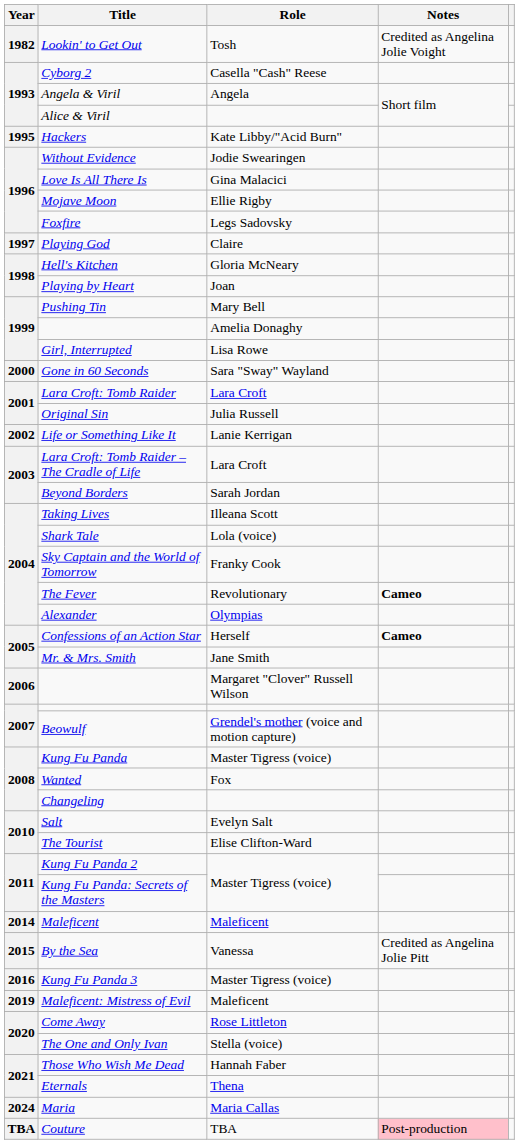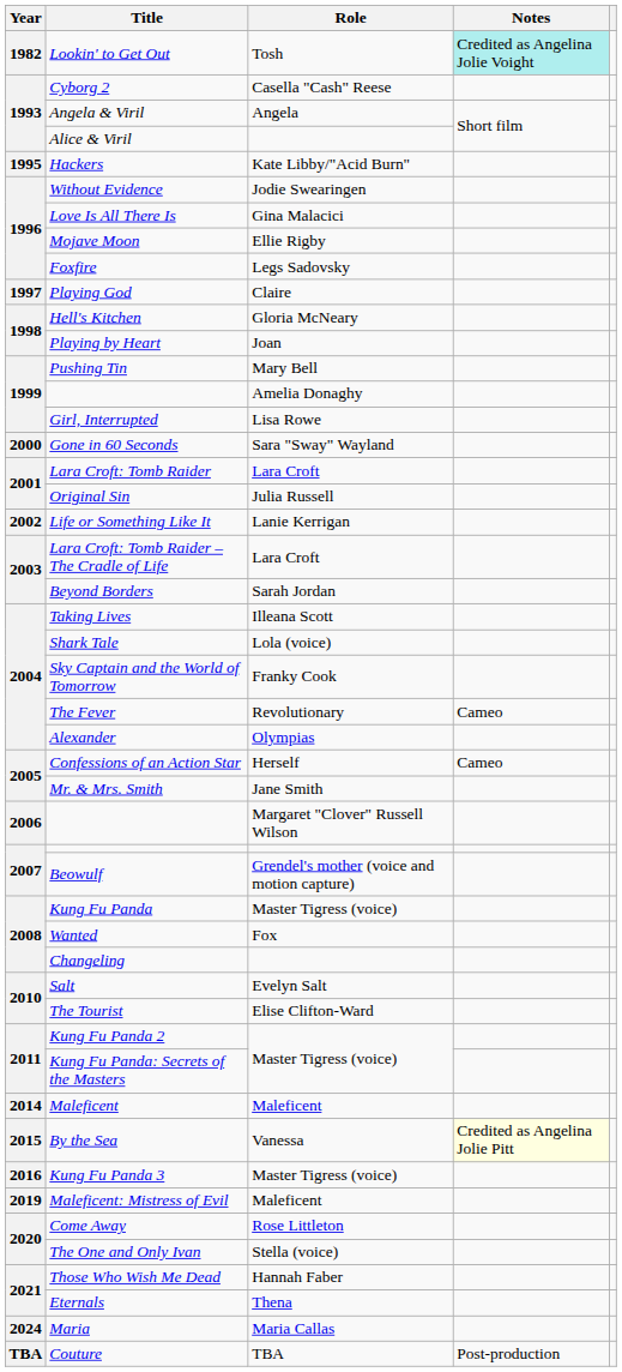 <table class="wikitable sortable plainrowheaders">
 <tr>
 <th scope="col">Year</th>
 <th scope="col">Title</th>
 <th scope="col">Role</th>
 <th scope="col" class="unsortable">Notes</th>
 <th scope="col" class="unsortable"></th>
 </tr>
 <tr>
 <th scope="row">1982</th>
 <td><em><a href='#'>Lookin' to Get Out</a></em></td>
 <td>Tosh</td>
-<td>Credited as Angelina Jolie Voight</td>
+<td style="background: paleturquoise;">Credited as Angelina Jolie Voight</td>
 <td style="text-align:center;"></td>
 </tr>
 <tr>
 <th scope="row" rowspan=3>1993</th>
 <td><em><a href='#'>Cyborg 2</a></em></td>
 <td>Casella "Cash" Reese</td>
 <td></td>
 <td style="text-align:center;"></td>
 </tr>
 <tr>
 <td><em>Angela & Viril</em></td>
 <td>Angela</td>
 <td rowspan=2>Short film</td>
 <td style="text-align:center;"></td>
 </tr>
 <tr>
 <td><em>Alice & Viril</em></td>
 <td></td>
 <td style="text-align:center;"></td>
 </tr>
 <tr>
 <th scope="row">1995</th>
 <td><em><a href='#'>Hackers</a></em></td>
 <td>Kate Libby/"Acid Burn"</td>
 <td></td>
 <td style="text-align:center;"></td>
 </tr>
 <tr>
 <th scope="row" rowspan=4>1996</th>
 <td><em><a href='#'>Without Evidence</a></em></td>
 <td>Jodie Swearingen</td>
 <td></td>
 <td style="text-align:center;"></td>
 </tr>
 <tr>
 <td><em><a href='#'>Love Is All There Is</a></em></td>
 <td>Gina Malacici</td>
 <td></td>
 <td style="text-align:center;"></td>
 </tr>
 <tr>
 <td><em><a href='#'>Mojave Moon</a></em></td>
 <td>Ellie Rigby</td>
 <td></td>
 <td style="text-align:center;"></td>
 </tr>
 <tr>
 <td><em><a href='#'>Foxfire</a></em></td>
 <td>Legs Sadovsky</td>
 <td></td>
 <td style="text-align:center;"></td>
 </tr>
 <tr>
 <th scope="row">1997</th>
 <td><em><a href='#'>Playing God</a></em></td>
 <td>Claire</td>
 <td></td>
 <td style="text-align:center;"></td>
 </tr>
 <tr>
 <th scope="row" rowspan=2>1998</th>
 <td><em><a href='#'>Hell's Kitchen</a></em></td>
 <td>Gloria McNeary</td>
 <td></td>
 <td style="text-align:center;"></td>
 </tr>
 <tr>
 <td><em><a href='#'>Playing by Heart</a></em></td>
 <td>Joan</td>
 <td></td>
 <td style="text-align:center;"></td>
 </tr>
 <tr>
 <th scope="row" rowspan=3>1999</th>
 <td><em><a href='#'>Pushing Tin</a></em></td>
 <td>Mary Bell</td>
 <td></td>
 <td style="text-align:center;"></td>
 </tr>
 <tr>
 <td><em></em></td>
 <td>Amelia Donaghy</td>
 <td></td>
 <td style="text-align:center;"></td>
 </tr>
 <tr>
 <td><em><a href='#'>Girl, Interrupted</a></em></td>
 <td>Lisa Rowe</td>
 <td></td>
 <td style="text-align:center;"></td>
 </tr>
 <tr>
 <th scope="row">2000</th>
 <td><em><a href='#'>Gone in 60 Seconds</a></em></td>
 <td>Sara "Sway" Wayland</td>
 <td></td>
 <td style="text-align:center;"></td>
 </tr>
 <tr>
 <th scope="row" rowspan=2>2001</th>
 <td><em><a href='#'>Lara Croft: Tomb Raider</a></em></td>
 <td><a href='#'>Lara Croft</a></td>
 <td></td>
 <td style="text-align:center;"></td>
 </tr>
 <tr>
 <td><em><a href='#'>Original Sin</a></em></td>
 <td>Julia Russell</td>
 <td></td>
 <td style="text-align:center;"></td>
 </tr>
 <tr>
 <th scope="row">2002</th>
 <td><em><a href='#'>Life or Something Like It</a></em></td>
 <td>Lanie Kerrigan</td>
 <td></td>
 <td style="text-align:center;"></td>
 </tr>
 <tr>
 <th scope="row" rowspan=2>2003</th>
 <td><em><a href='#'>Lara Croft: Tomb Raider – The Cradle of Life</a></em></td>
 <td>Lara Croft</td>
 <td></td>
 <td style="text-align:center;"></td>
 </tr>
 <tr>
 <td><em><a href='#'>Beyond Borders</a></em></td>
 <td>Sarah Jordan</td>
 <td></td>
 <td style="text-align:center;"></td>
 </tr>
 <tr>
 <th scope="row" rowspan=5>2004</th>
 <td><em><a href='#'>Taking Lives</a></em></td>
 <td>Illeana Scott</td>
 <td></td>
 <td style="text-align:center;"></td>
 </tr>
 <tr>
 <td><em><a href='#'>Shark Tale</a></em></td>
 <td>Lola (voice)</td>
 <td></td>
 <td style="text-align:center;"></td>
 </tr>
 <tr>
 <td><em><a href='#'>Sky Captain and the World of Tomorrow</a></em></td>
 <td>Franky Cook</td>
 <td></td>
 <td style="text-align:center;"></td>
 </tr>
 <tr>
 <td><em><a href='#'>The Fever</a></em></td>
 <td>Revolutionary</td>
-<td><strong>Cameo</strong></td>
+<td>Cameo</td>
 <td style="text-align:center;"></td>
 </tr>
 <tr>
 <td><em><a href='#'>Alexander</a></em></td>
 <td><a href='#'>Olympias</a></td>
 <td></td>
 <td style="text-align:center;"></td>
 </tr>
 <tr>
 <th scope="row" rowspan="2">2005</th>
 <td><em><a href='#'>Confessions of an Action Star</a></em></td>
 <td>Herself</td>
-<td><strong>Cameo</strong></td>
+<td>Cameo</td>
 <td style="text-align:center;"></td>
 </tr>
 <tr>
 <td><em><a href='#'>Mr. & Mrs. Smith</a></em></td>
 <td>Jane Smith</td>
 <td></td>
 <td style="text-align:center;"></td>
 </tr>
 <tr>
 <th scope="row">2006</th>
 <td><em></em></td>
 <td>Margaret "Clover" Russell Wilson</td>
 <td></td>
 <td style="text-align:center;"></td>
 </tr>
 <tr>
 <th scope="row" rowspan=2>2007</th>
 <td><em></em></td>
 <td></td>
 <td></td>
 <td style="text-align:center;"></td>
 </tr>
 <tr>
 <td><em><a href='#'>Beowulf</a></em></td>
 <td><a href='#'>Grendel's mother</a> (voice and motion capture)</td>
 <td></td>
 <td style="text-align:center;"></td>
 </tr>
 <tr>
 <th scope="row" rowspan=3>2008</th>
 <td><em><a href='#'>Kung Fu Panda</a></em></td>
 <td>Master Tigress (voice)</td>
 <td></td>
 <td style="text-align:center;"></td>
 </tr>
 <tr>
 <td><em><a href='#'>Wanted</a></em></td>
 <td>Fox</td>
 <td></td>
 <td style="text-align:center;"></td>
 </tr>
 <tr>
 <td><em><a href='#'>Changeling</a></em></td>
 <td></td>
 <td></td>
 <td style="text-align:center;"></td>
 </tr>
 <tr>
 <th scope="row" rowspan=2>2010</th>
 <td><em><a href='#'>Salt</a></em></td>
 <td>Evelyn Salt</td>
 <td></td>
 <td style="text-align:center;"></td>
 </tr>
 <tr>
 <td><em><a href='#'>The Tourist</a></em></td>
 <td>Elise Clifton-Ward</td>
 <td></td>
 <td style="text-align:center;"></td>
 </tr>
 <tr>
 <th scope="row" rowspan=2>2011</th>
 <td><em><a href='#'>Kung Fu Panda 2</a></em></td>
 <td rowspan=2>Master Tigress (voice)</td>
 <td></td>
 <td style="text-align:center;"></td>
 </tr>
 <tr>
 <td><em><a href='#'>Kung Fu Panda: Secrets of the Masters</a></em></td>
 <td></td>
 <td style="text-align:center;"></td>
 </tr>
 <tr>
 <th scope="row">2014</th>
 <td><em><a href='#'>Maleficent</a></em></td>
 <td><a href='#'>Maleficent</a></td>
 <td></td>
 <td style="text-align:center;"></td>
 </tr>
 <tr>
 <th scope="row">2015</th>
 <td><em><a href='#'>By the Sea</a></em></td>
 <td>Vanessa</td>
-<td>Credited as Angelina Jolie Pitt</td>
+<td style="background: lightyellow;">Credited as Angelina Jolie Pitt</td>
 <td style="text-align:center;"></td>
 </tr>
 <tr>
 <th scope="row">2016</th>
 <td><em><a href='#'>Kung Fu Panda 3</a></em></td>
 <td>Master Tigress (voice)</td>
 <td></td>
 <td style="text-align:center;"></td>
 </tr>
 <tr>
 <th scope="row">2019</th>
 <td><em><a href='#'>Maleficent: Mistress of Evil</a></em></td>
 <td>Maleficent</td>
 <td></td>
 <td style="text-align:center;"></td>
 </tr>
 <tr>
 <th scope="row" rowspan=2>2020</th>
 <td><em><a href='#'>Come Away</a></em></td>
 <td><a href='#'>Rose Littleton</a></td>
 <td></td>
 <td style="text-align:center;"></td>
 </tr>
 <tr>
 <td><em><a href='#'>The One and Only Ivan</a></em></td>
 <td>Stella (voice)</td>
 <td></td>
 <td style="text-align:center;"></td>
 </tr>
 <tr>
 <th scope="row" rowspan=2>2021</th>
 <td><em><a href='#'>Those Who Wish Me Dead</a></em></td>
 <td>Hannah Faber</td>
 <td></td>
 <td style="text-align:center;"></td>
 </tr>
 <tr>
 <td><em><a href='#'>Eternals</a></em></td>
 <td><a href='#'>Thena</a></td>
 <td></td>
 <td style="text-align:center;"></td>
 </tr>
 <tr>
 <th scope="row">2024</th>
 <td><em><a href='#'>Maria</a></em></td>
 <td><a href='#'>Maria Callas</a></td>
 <td></td>
 <td></td>
 </tr>
 <tr>
 <th scope="row">TBA</th>
 <td><em><a href='#'>Couture</a></em></td>
 <td>TBA</td>
-<td style="background: pink;">Post-production</td>
+<td>Post-production</td>
 <td></td>
 </tr>
 </table>
